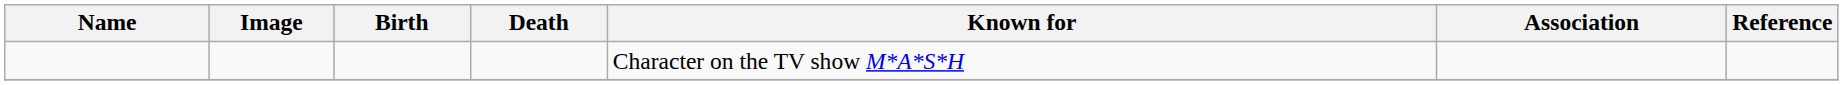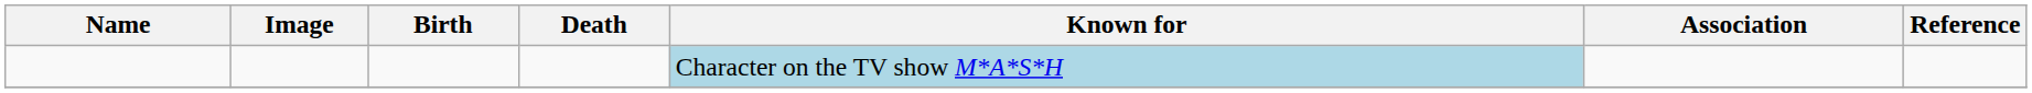 <table class="wikitable sortable">
 <tr>
 <th scope="col" width="140">Name</th>
 <th scope="col" width="80" class="unsortable">Image</th>
 <th scope="col" width="90">Birth</th>
 <th scope="col" width="90">Death</th>
 <th scope="col" width="600" class="unsortable">Known for</th>
 <th scope="col" width="200" class="unsortable">Association</th>
 <th scope="col" width="30" class="unsortable">Reference</th>
 </tr>
 <tr>
 <td></td>
 <td></td>
 <td></td>
 <td></td>
-<td>Character on the TV show <em><a href='#'>M*A*S*H</a></em></td>
+<td style="background: lightblue;">Character on the TV show <em><a href='#'>M*A*S*H</a></em></td>
 <td></td>
 <td align="center"></td>
 </tr>
 <tr>
 </tr>
 </table>
